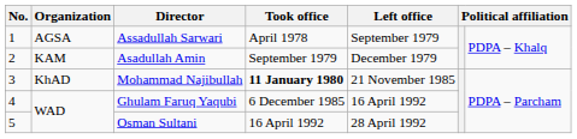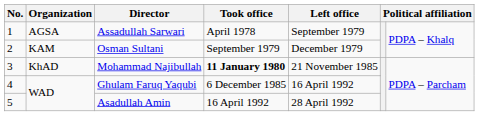 <table class="wikitable sortable">
 <tr>
 <th>No.</th>
 <th>Organization</th>
 <th>Director</th>
 <th>Took office</th>
 <th>Left office</th>
 <th colspan="2">Political affiliation</th>
 </tr>
 <tr>
 <td>1</td>
 <td>AGSA</td>
 <td><a href='#'>Assadullah Sarwari</a></td>
 <td>April 1978</td>
 <td>September 1979</td>
 <th rowspan=2 style="background:"></th>
 <td rowspan=2><a href='#'>PDPA</a> – <a href='#'>Khalq</a></td>
 </tr>
 <tr>
 <td>2</td>
 <td>KAM</td>
-<td><a href='#'>Asadullah Amin</a></td>
+<td><a href='#'>Osman Sultani</a></td>
 <td>September 1979</td>
 <td>December 1979</td>
 </tr>
 <tr>
 <td>3</td>
 <td rowspan=2>KhAD</td>
 <td><a href='#'>Mohammad Najibullah</a></td>
 <td><strong>11 January 1980</strong></td>
 <td>21 November 1985</td>
 <th rowspan=4 style="background:"></th>
 <td rowspan=4><a href='#'>PDPA</a> – <a href='#'>Parcham</a></td>
 </tr>
 <tr>
 <td rowspan=2>4</td>
 <td rowspan=2><a href='#'>Ghulam Faruq Yaqubi</a></td>
 <td rowspan=2>6 December 1985</td>
 <td rowspan=2>16 April 1992</td>
 </tr>
 <tr>
 <td rowspan="2">WAD</td>
 </tr>
 <tr>
 <td>5</td>
-<td><a href='#'>Osman Sultani</a></td>
+<td><a href='#'>Asadullah Amin</a></td>
 <td>16 April 1992</td>
 <td>28 April 1992</td>
 </tr>
 </table>
